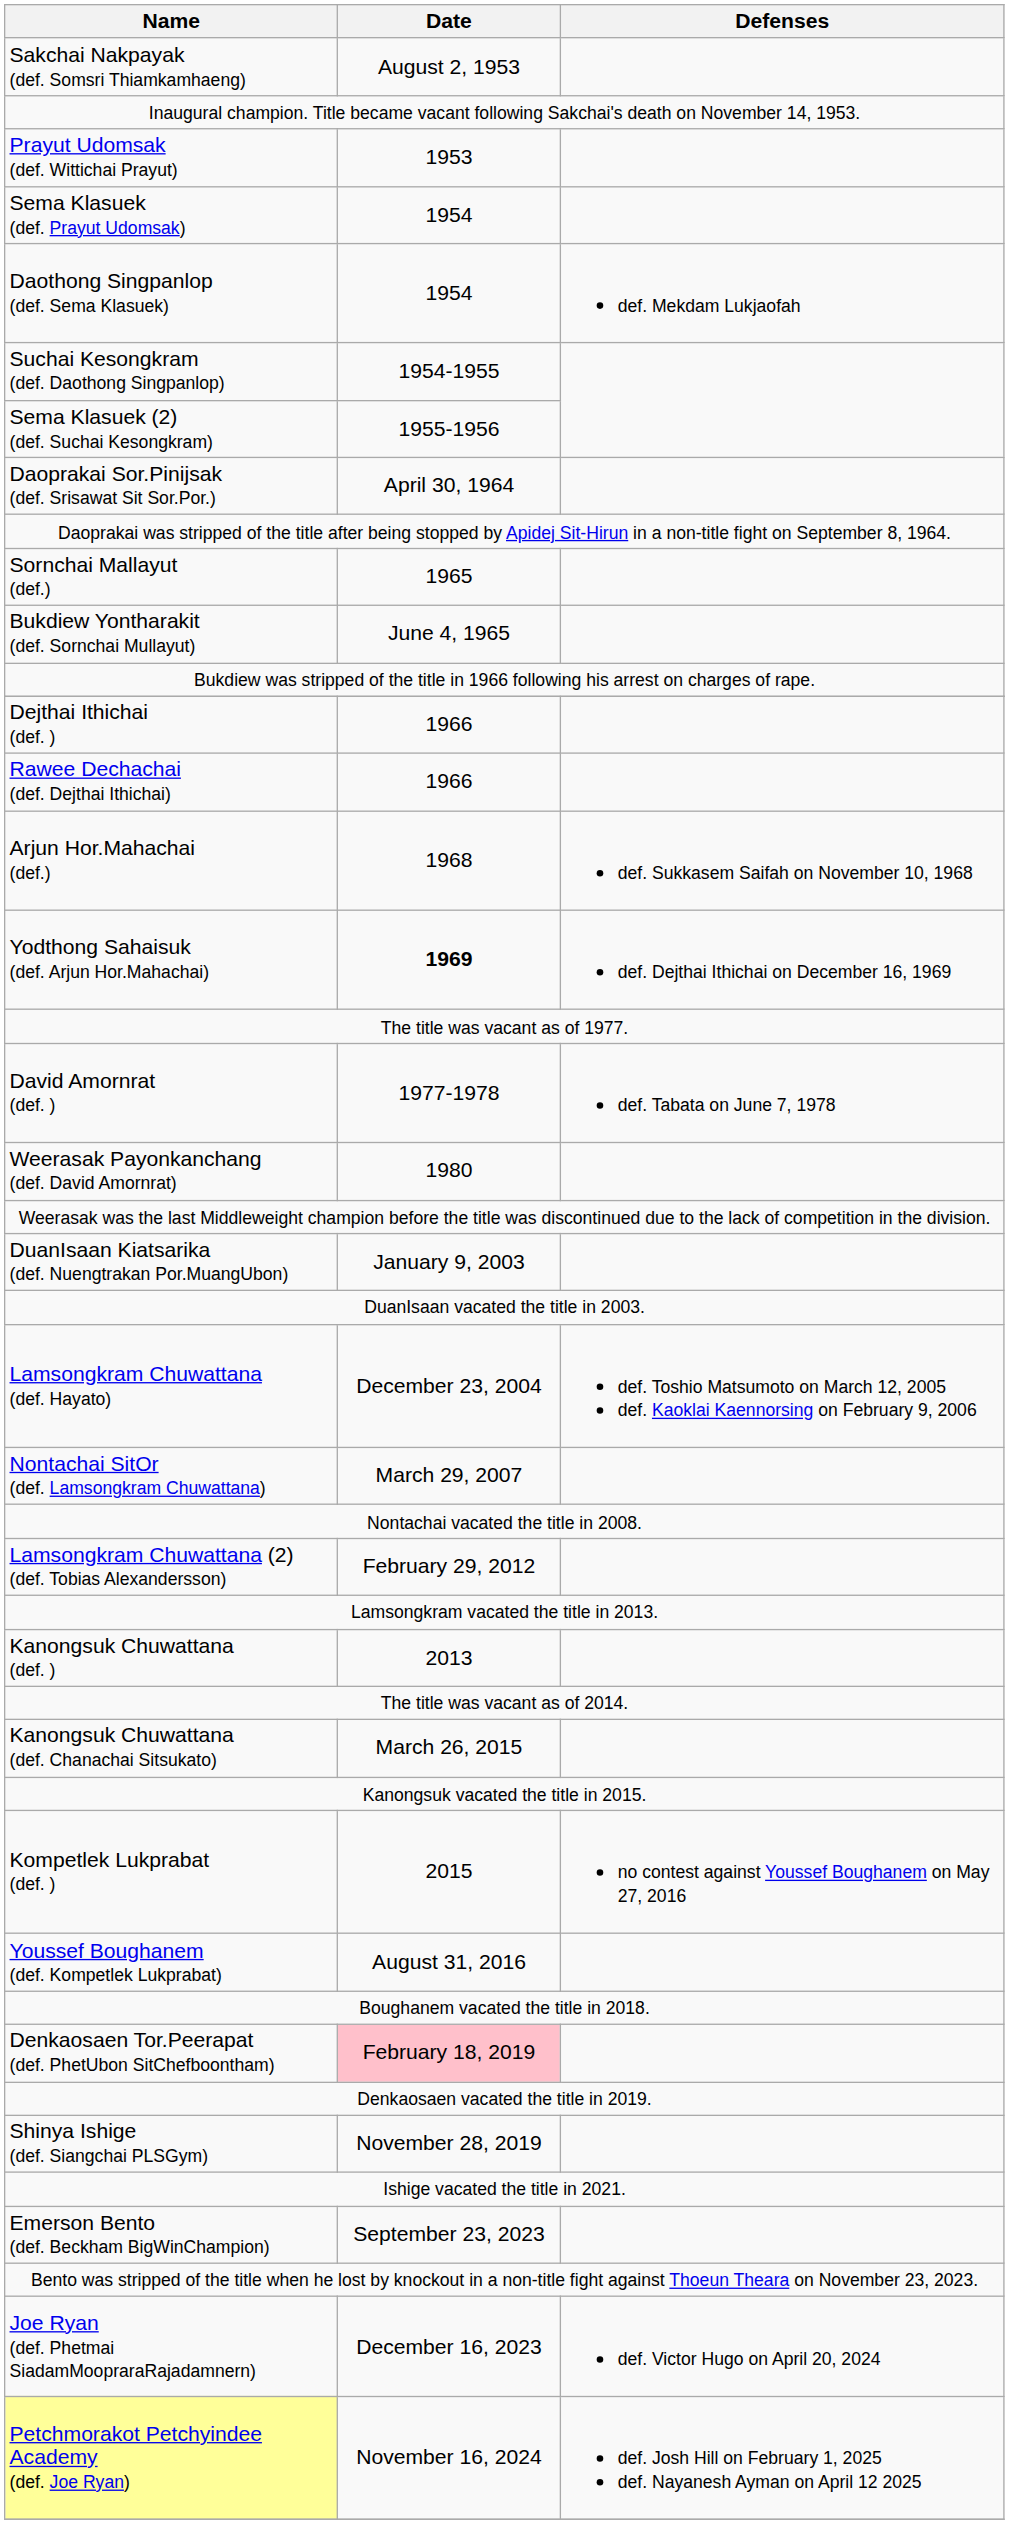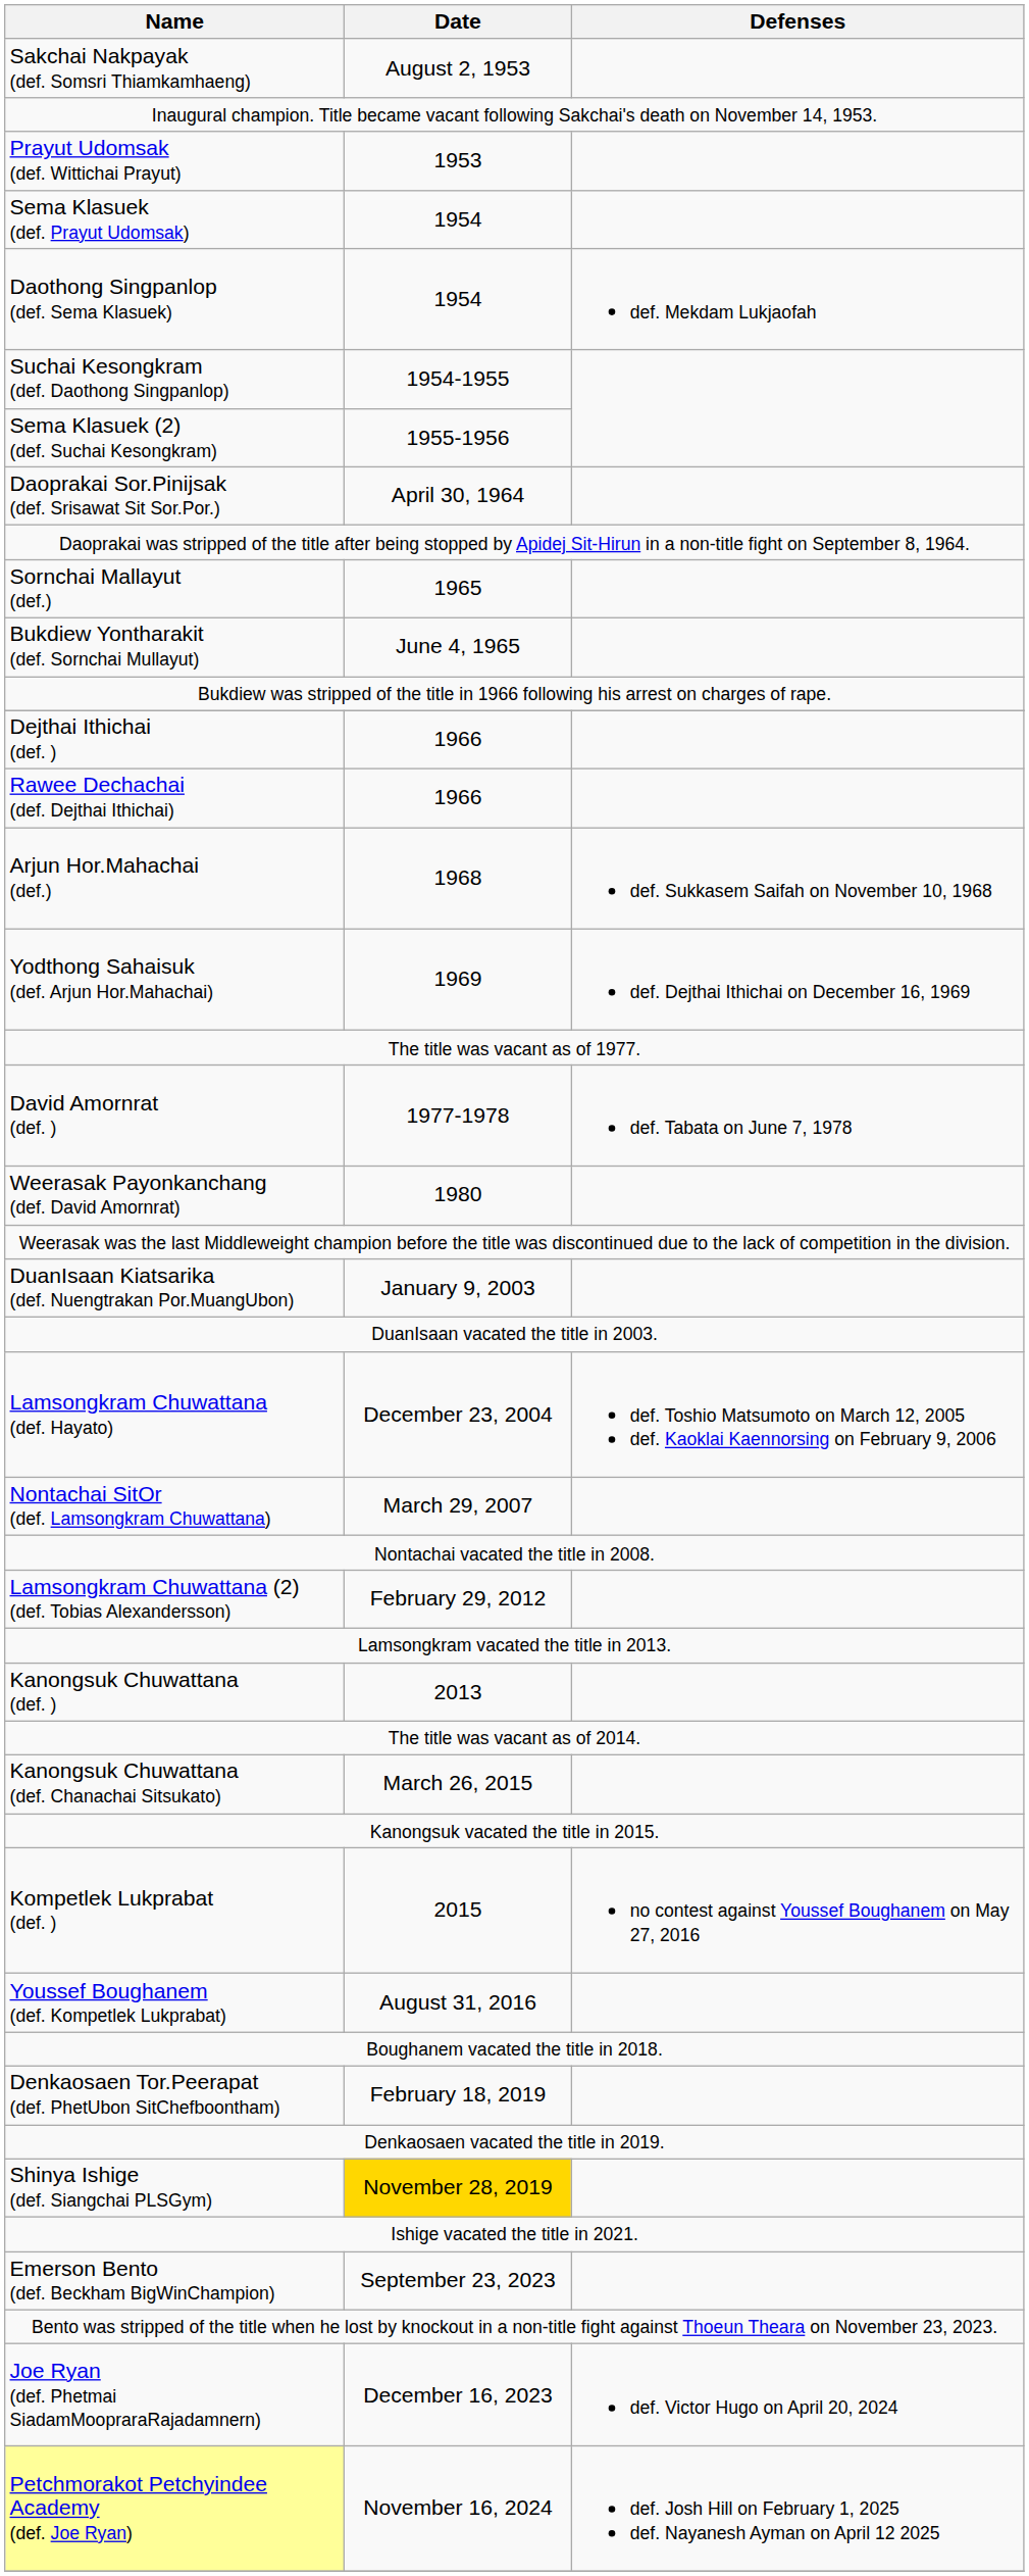 <table class="wikitable" width=60%>
 <tr>
 <th width=30%>Name</th>
 <th width=20%>Date</th>
 <th width=40%>Defenses</th>
 </tr>
 <tr>
 <td align=left> Sakchai Nakpayak <br><small>(def. Somsri Thiamkamhaeng)</small></td>
 <td align=center>August 2, 1953</td>
 <td></td>
 </tr>
 <tr>
 <td colspan=4 align=center><small>Inaugural champion. Title became vacant following Sakchai's death on November 14, 1953.</small></td>
 </tr>
 <tr>
 <td align=left> <a href='#'>Prayut Udomsak</a><br><small>(def. Wittichai Prayut)</small></td>
 <td align=center>1953</td>
 <td></td>
 </tr>
 <tr>
 <td align=left> Sema Klasuek <br><small>(def. <a href='#'>Prayut Udomsak</a>)</small></td>
 <td align=center>1954</td>
 <td></td>
 </tr>
 <tr>
 <td align=left> Daothong Singpanlop <br><small>(def. Sema Klasuek)</small></td>
 <td align=center>1954</td>
 <td><br><ul><li><small>def. Mekdam Lukjaofah</small></li></ul></td>
 </tr>
 <tr>
 <td align=left> Suchai Kesongkram <br><small>(def. Daothong Singpanlop)</small></td>
 <td align=center>1954-1955</td>
 </tr>
 <tr>
 <td align=left> Sema Klasuek (2) <br><small>(def. Suchai Kesongkram)</small></td>
 <td align=center>1955-1956</td>
 </tr>
 <tr>
 <td align=left> Daoprakai Sor.Pinijsak <br><small>(def. Srisawat Sit Sor.Por.)</small></td>
 <td align=center>April 30, 1964</td>
 <td></td>
 </tr>
 <tr>
 <td colspan=4 align=center><small>Daoprakai was stripped of the title after being stopped by <a href='#'>Apidej Sit-Hirun</a> in a non-title fight on September 8, 1964.</small></td>
 </tr>
 <tr>
 <td align=left> Sornchai Mallayut <br><small>(def.)</small></td>
 <td align=center>1965</td>
 <td></td>
 </tr>
 <tr>
 <td align=left> Bukdiew Yontharakit <br><small>(def. Sornchai Mullayut)</small></td>
 <td align=center>June 4, 1965</td>
 <td></td>
 </tr>
 <tr>
 <td colspan=4 align=center><small>Bukdiew was stripped of the title in 1966 following his arrest on charges of rape.</small></td>
 </tr>
 <tr>
 </tr>
 <tr>
 <td align=left> Dejthai Ithichai <br><small>(def. )</small></td>
 <td align=center>1966</td>
 <td></td>
 </tr>
 <tr>
 <td align=left> <a href='#'>Rawee Dechachai</a> <br><small>(def. Dejthai Ithichai)</small></td>
 <td align=center>1966</td>
 <td></td>
 </tr>
 <tr>
 <td align=left> Arjun Hor.Mahachai <br><small>(def.)</small></td>
 <td align=center>1968</td>
 <td><br><ul><li><small>def. Sukkasem Saifah on November 10, 1968</small></li></ul></td>
 </tr>
 <tr>
 <td align=left> Yodthong Sahaisuk <br><small>(def. Arjun Hor.Mahachai)</small></td>
-<td align=center><strong>1969</strong></td>
+<td align=center>1969</td>
 <td><br><ul><li><small>def. Dejthai Ithichai on December 16, 1969</small></li></ul></td>
 </tr>
 <tr>
 <td colspan=4 align=center><small> The title was vacant as of 1977.</small></td>
 </tr>
 <tr>
 <td align=left> David Amornrat <br><small>(def. )</small></td>
 <td align=center>1977-1978</td>
 <td><br><ul><li><small>def. Tabata on June 7, 1978</small></li></ul></td>
 </tr>
 <tr>
 <td align=left> Weerasak Payonkanchang <br><small>(def. David Amornrat)</small></td>
 <td align=center>1980</td>
 <td></td>
 </tr>
 <tr>
 <td colspan=4 align=center><small> Weerasak was the last Middleweight champion before the title was discontinued due to the lack of competition in the division.</small></td>
 </tr>
 <tr>
 <td align=left> DuanIsaan Kiatsarika <br><small>(def. Nuengtrakan Por.MuangUbon)</small></td>
 <td align=center>January 9, 2003</td>
 <td></td>
 </tr>
 <tr>
 <td colspan=4 align=center><small>DuanIsaan vacated the title in 2003.</small></td>
 </tr>
 <tr>
 <td align=left> <a href='#'>Lamsongkram Chuwattana</a> <br><small>(def. Hayato)</small></td>
 <td align=center>December 23, 2004</td>
 <td><br><ul><li><small>def. Toshio Matsumoto on March 12, 2005</small></li><li><small>def. <a href='#'>Kaoklai Kaennorsing</a> on February 9, 2006</small></li></ul></td>
 </tr>
 <tr>
 <td align=left> <a href='#'>Nontachai SitOr</a><br><small>(def. <a href='#'>Lamsongkram Chuwattana</a>)</small></td>
 <td align=center>March 29, 2007</td>
 <td></td>
 </tr>
 <tr>
 <td colspan=4 align=center><small>Nontachai vacated the title in 2008.</small></td>
 </tr>
 <tr>
 <td align=left> <a href='#'>Lamsongkram Chuwattana</a> (2) <br><small>(def. Tobias Alexandersson)</small></td>
 <td align=center>February 29, 2012</td>
 <td></td>
 </tr>
 <tr>
 <td colspan=4 align=center><small>Lamsongkram vacated the title in 2013.</small></td>
 </tr>
 <tr>
 <td align=left> Kanongsuk Chuwattana <br><small>(def. )</small></td>
 <td align=center>2013</td>
 <td></td>
 </tr>
 <tr>
 <td colspan=4 align=center><small> The title was vacant as of 2014.</small></td>
 </tr>
 <tr>
 <td align=left> Kanongsuk Chuwattana <br><small>(def. Chanachai Sitsukato)</small></td>
 <td align=center>March 26, 2015</td>
 <td></td>
 </tr>
 <tr>
 <td colspan=4 align=center><small>Kanongsuk vacated the title in 2015.</small></td>
 </tr>
 <tr>
 <td align=left> Kompetlek Lukprabat <br><small>(def. )</small></td>
 <td align=center>2015</td>
 <td><br><ul><li><small>no contest against <a href='#'>Youssef Boughanem</a> on May 27, 2016</small></li></ul></td>
 </tr>
 <tr>
 <td align=left> <a href='#'>Youssef Boughanem</a> <br><small>(def. Kompetlek Lukprabat)</small></td>
 <td align=center>August 31, 2016</td>
 <td></td>
 </tr>
 <tr>
 <td colspan=4 align=center><small>Boughanem vacated the title in 2018.</small></td>
 </tr>
 <tr>
 <td align=left> Denkaosaen Tor.Peerapat <br><small>(def. PhetUbon SitChefboontham)</small></td>
-<td align=center style="background: pink;">February 18, 2019</td>
+<td align=center>February 18, 2019</td>
 <td></td>
 </tr>
 <tr>
 <td colspan=4 align=center><small>Denkaosaen vacated the title in 2019.</small></td>
 </tr>
 <tr>
 <td align=left> Shinya Ishige <br><small>(def. Siangchai PLSGym)</small></td>
-<td align=center>November 28, 2019</td>
+<td align=center style="background: gold;">November 28, 2019</td>
 <td></td>
 </tr>
 <tr>
 <td colspan=4 align=center><small>Ishige vacated the title in 2021.</small></td>
 </tr>
 <tr>
 <td align=left> Emerson Bento <br><small>(def. Beckham BigWinChampion)</small></td>
 <td align=center>September 23, 2023</td>
 <td></td>
 </tr>
 <tr>
 <td colspan=4 align=center><small>Bento was stripped of the title when he lost by knockout in a non-title fight against <a href='#'>Thoeun Theara</a> on November 23, 2023.</small></td>
 </tr>
 <tr>
 <td align=left> <a href='#'>Joe Ryan</a> <br><small>(def. Phetmai SiadamMoopraraRajadamnern)</small></td>
 <td align=center>December 16, 2023</td>
 <td><br><ul><li><small>def. Victor Hugo on April 20, 2024</small></li></ul></td>
 </tr>
 <tr>
 <td align=left bgcolor="#FFFF99"> <a href='#'>Petchmorakot Petchyindee Academy</a> <br><small>(def. <a href='#'>Joe Ryan</a>)</small></td>
 <td align=center>November 16, 2024</td>
 <td><br><ul><li><small>def. Josh Hill on February 1, 2025</small></li><li><small>def. Nayanesh Ayman on April 12 2025</small></li></ul></td>
 </tr>
 <tr>
 </tr>
 </table>
